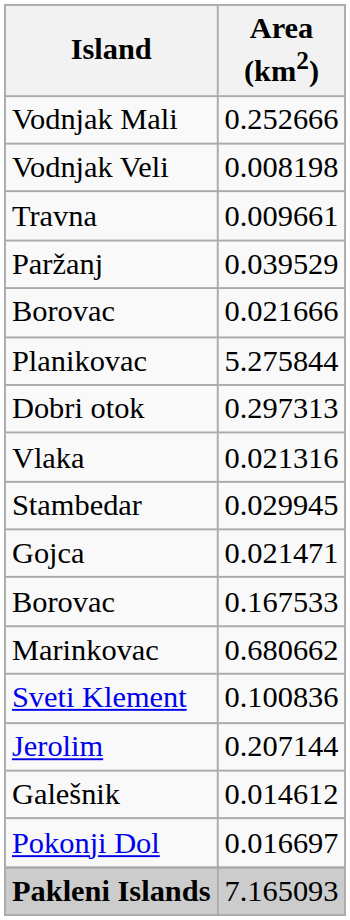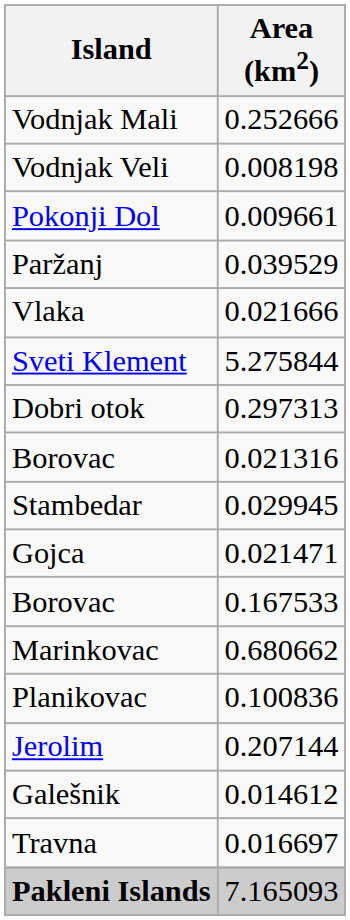 <table class="wikitable sortable">
 <tr>
 <th>Island</th>
 <th>Area<br>(km<sup>2</sup>)</th>
 </tr>
 <tr>
 <td>Vodnjak Mali</td>
 <td align="right">0.252666</td>
 </tr>
 <tr>
 <td>Vodnjak Veli</td>
 <td align="right">0.008198</td>
 </tr>
 <tr>
-<td>Travna</td>
+<td><a href='#'>Pokonji Dol</a></td>
 <td align="right">0.009661</td>
 </tr>
 <tr>
 <td>Paržanj</td>
 <td align="right">0.039529</td>
 </tr>
 <tr>
-<td>Borovac</td>
+<td>Vlaka</td>
 <td align="right">0.021666</td>
 </tr>
 <tr>
-<td>Planikovac</td>
+<td><a href='#'>Sveti Klement</a></td>
 <td align="right">5.275844</td>
 </tr>
 <tr>
 <td>Dobri otok</td>
 <td align="right">0.297313</td>
 </tr>
 <tr>
-<td>Vlaka</td>
+<td>Borovac</td>
 <td align="right">0.021316</td>
 </tr>
 <tr>
 <td>Stambedar</td>
 <td align="right">0.029945</td>
 </tr>
 <tr>
 <td>Gojca</td>
 <td align="right">0.021471</td>
 </tr>
 <tr>
 <td>Borovac</td>
 <td align="right">0.167533</td>
 </tr>
 <tr>
 <td>Marinkovac</td>
 <td align="right">0.680662</td>
 </tr>
 <tr>
-<td><a href='#'>Sveti Klement</a></td>
+<td>Planikovac</td>
 <td align="right">0.100836</td>
 </tr>
 <tr>
 <td><a href='#'>Jerolim</a></td>
 <td align="right">0.207144</td>
 </tr>
 <tr>
 <td>Galešnik</td>
 <td align="right">0.014612</td>
 </tr>
 <tr>
-<td><a href='#'>Pokonji Dol</a></td>
+<td>Travna</td>
 <td align="right">0.016697</td>
 </tr>
 <tr>
 </tr>
 <tr style="background: #CCC;">
 <td><strong>Pakleni Islands</strong></td>
 <td align="right">7.165093</td>
 </tr>
 </table>
